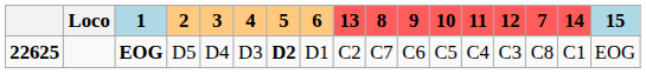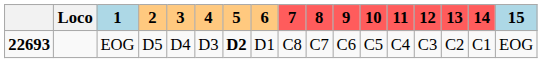 <table class="wikitable plainrowheaders unsortable" style="text-align:center">
 <tr>
 <th></th>
 <th>Loco</th>
 <th rowspan="1" scope="col" style="background:lightblue;">1</th>
 <th rowspan="1" scope="col" style="background:#FFC97F ;">2</th>
 <th rowspan="1" scope="col" style="background:#FFC97F ;">3</th>
 <th rowspan="1" scope="col" style="background:#FFC97F ;">4</th>
 <th rowspan="1" scope="col" style="background:#FFC97F ;">5</th>
 <th rowspan="1" scope="col" style="background:#FFC97F ;">6</th>
-<th rowspan="1" scope="col" style="background:#FF5C5C ;">13</th>
+<th rowspan="1" scope="col" style="background:#FF5C5C ;">7</th>
 <th rowspan="1" scope="col" style="background:#FF5C5C ;">8</th>
 <th rowspan="1" scope="col" style="background:#FF5C5C ;">9</th>
 <th rowspan="1" scope="col" style="background:#FF5C5C ;">10</th>
 <th rowspan="1" scope="col" style="background:#FF5C5C ;">11</th>
 <th rowspan="1" scope="col" style="background:#FF5C5C ;">12</th>
-<th rowspan="1" scope="col" style="background:#FF5C5C ;">7</th>
+<th rowspan="1" scope="col" style="background:#FF5C5C ;">13</th>
 <th rowspan="1" scope="col" style="background:#FF5C5C ;">14</th>
 <th rowspan="1" scope="col" style="background:lightblue;">15</th>
 </tr>
 <tr>
-<td><strong>22625</strong></td>
+<td><strong>22693</strong></td>
 <td></td>
-<td><strong>EOG</strong></td>
+<td>EOG</td>
 <td>D5</td>
 <td>D4</td>
 <td>D3</td>
 <td><strong>D2</strong></td>
 <td>D1</td>
-<td>C2</td>
+<td>C8</td>
 <td>C7</td>
 <td>C6</td>
 <td>C5</td>
 <td>C4</td>
 <td>C3</td>
-<td>C8</td>
+<td>C2</td>
 <td>C1</td>
 <td>EOG</td>
 </tr>
 </table>
